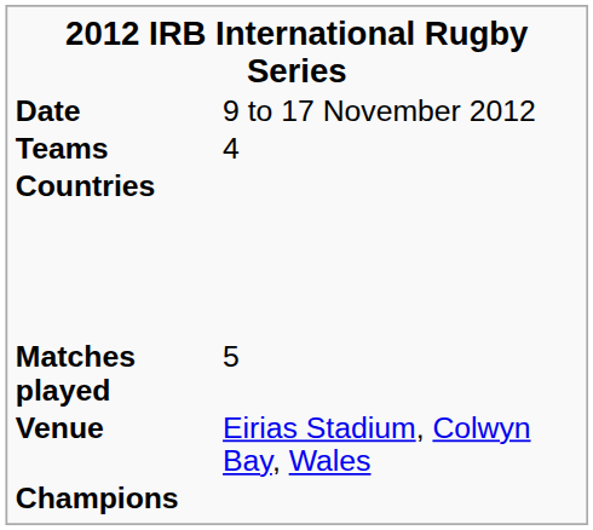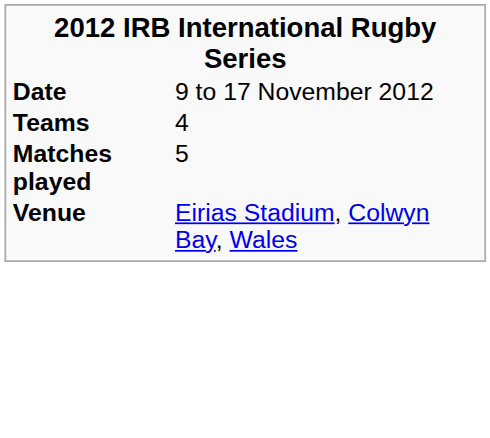 <table class="infobox" width="280" cellspacing="0" style="font-size: 90%;">
 <tr>
 <th colspan="2" style="font-size: medium;">2012 IRB International Rugby Series</th>
 </tr>
 <tr>
 <td><strong>Date</strong></td>
 <td>9 to 17 November 2012</td>
 </tr>
 <tr>
 <td><strong>Teams</strong></td>
 <td>4</td>
 </tr>
 <tr>
-<td><strong>Countries</strong></td>
-<td><br><br> <br> <br> <br> </td>
-</tr>
-<tr>
 <td><strong>Matches played</strong></td>
 <td>5</td>
 </tr>
 <tr>
 <td><strong>Venue</strong></td>
 <td><a href='#'>Eirias Stadium</a>, <a href='#'>Colwyn Bay</a>, <a href='#'>Wales</a></td>
 </tr>
-<tr>
-<td><strong>Champions</strong></td>
-<td></td>
-</tr>
 </table>
